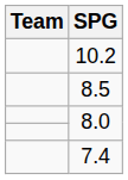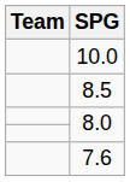 <table class=wikitable>
 <tr>
 <th>Team</th>
 <th>SPG</th>
 </tr>
 <tr>
 <td></td>
-<td align=center>10.2</td>
+<td align=center>10.0</td>
 </tr>
 <tr>
 <td></td>
 <td align=center>8.5</td>
 </tr>
 <tr>
 <td></td>
 <td align=center rowspan=2>8.0</td>
 </tr>
 <tr>
 <td></td>
 </tr>
 <tr>
 <td></td>
-<td align=center>7.4</td>
+<td align=center>7.6</td>
 </tr>
 </table>
